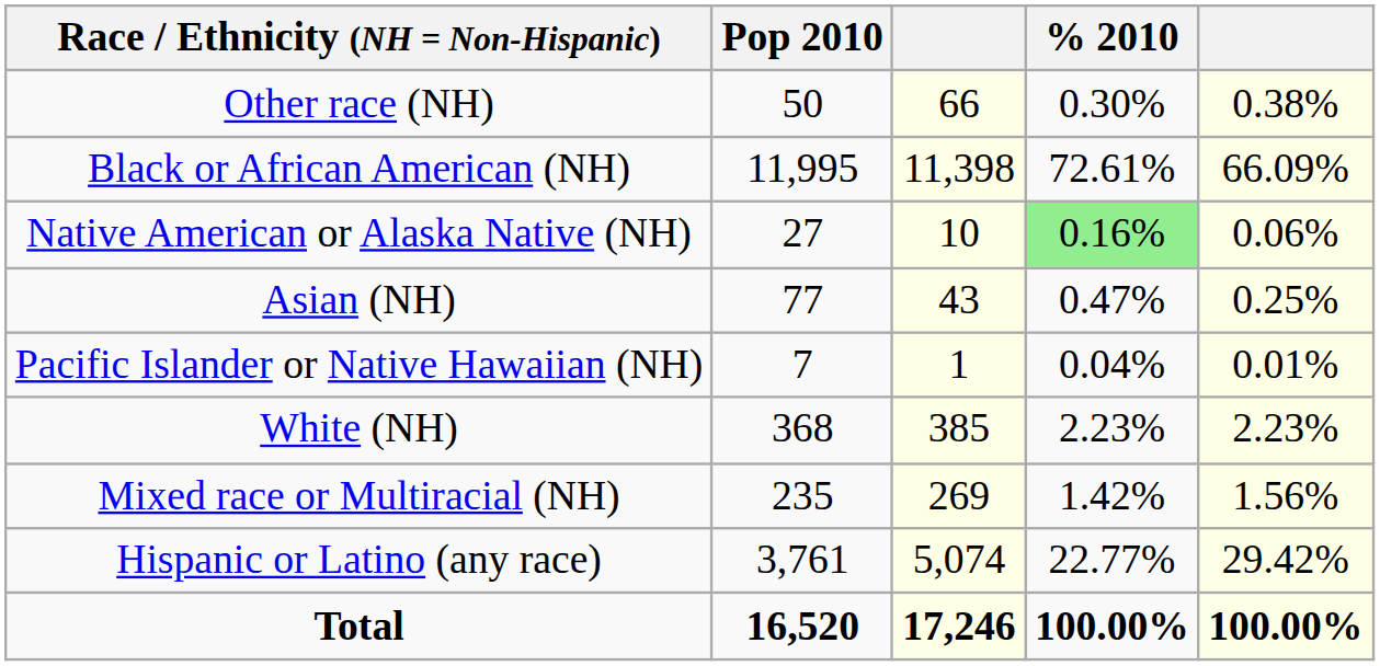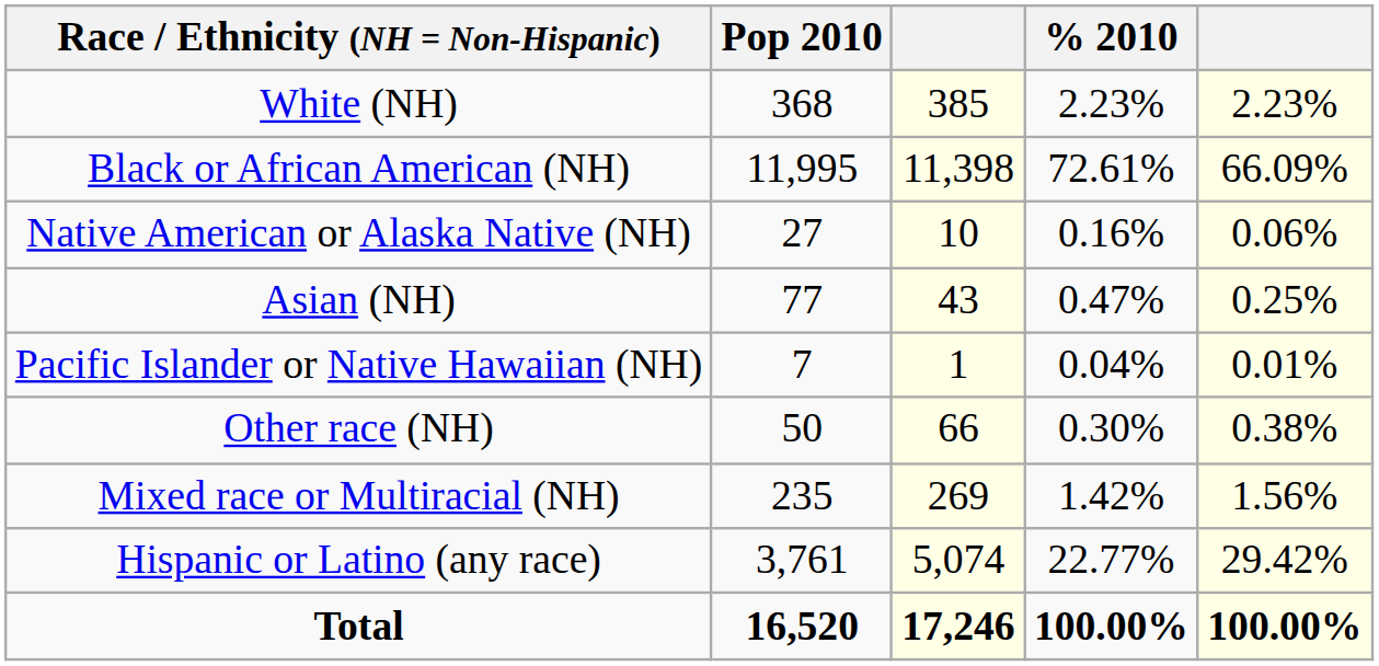 <table class="wikitable" style="text-align:center;">
 <tr>
 <th>Race / Ethnicity <small>(<em>NH = Non-Hispanic</em>)</small></th>
 <th>Pop 2010</th>
 <th></th>
 <th>% 2010</th>
 <th></th>
 </tr>
 <tr>
-<td><a href='#'>Other race</a> (NH)</td>
-<td>50</td>
-<td style='background: #ffffe6;'>66</td>
-<td>0.30%</td>
-<td style='background: #ffffe6;'>0.38%</td>
+<td><a href='#'>White</a> (NH)</td>
+<td>368</td>
+<td style='background: #ffffe6;'>385</td>
+<td>2.23%</td>
+<td style='background: #ffffe6;'>2.23%</td>
 </tr>
 <tr>
 <td><a href='#'>Black or African American</a> (NH)</td>
 <td>11,995</td>
 <td style='background: #ffffe6;'>11,398</td>
 <td>72.61%</td>
 <td style='background: #ffffe6;'>66.09%</td>
 </tr>
 <tr>
 <td><a href='#'>Native American</a> or <a href='#'>Alaska Native</a> (NH)</td>
 <td>27</td>
 <td style='background: #ffffe6;'>10</td>
-<td style="background: lightgreen;">0.16%</td>
+<td>0.16%</td>
 <td style='background: #ffffe6;'>0.06%</td>
 </tr>
 <tr>
 <td><a href='#'>Asian</a> (NH)</td>
 <td>77</td>
 <td style='background: #ffffe6;'>43</td>
 <td>0.47%</td>
 <td style='background: #ffffe6;'>0.25%</td>
 </tr>
 <tr>
 <td><a href='#'>Pacific Islander</a> or <a href='#'>Native Hawaiian</a> (NH)</td>
 <td>7</td>
 <td style='background: #ffffe6;'>1</td>
 <td>0.04%</td>
 <td style='background: #ffffe6;'>0.01%</td>
 </tr>
 <tr>
-<td><a href='#'>White</a> (NH)</td>
-<td>368</td>
-<td style='background: #ffffe6;'>385</td>
-<td>2.23%</td>
-<td style='background: #ffffe6;'>2.23%</td>
+<td><a href='#'>Other race</a> (NH)</td>
+<td>50</td>
+<td style='background: #ffffe6;'>66</td>
+<td>0.30%</td>
+<td style='background: #ffffe6;'>0.38%</td>
 </tr>
 <tr>
 <td><a href='#'>Mixed race or Multiracial</a> (NH)</td>
 <td>235</td>
 <td style='background: #ffffe6;'>269</td>
 <td>1.42%</td>
 <td style='background: #ffffe6;'>1.56%</td>
 </tr>
 <tr>
 <td><a href='#'>Hispanic or Latino</a> (any race)</td>
 <td>3,761</td>
 <td style='background: #ffffe6;'>5,074</td>
 <td>22.77%</td>
 <td style='background: #ffffe6;'>29.42%</td>
 </tr>
 <tr>
 <td><strong>Total</strong></td>
 <td><strong>16,520</strong></td>
 <td style='background: #ffffe6;'><strong>17,246</strong></td>
 <td><strong>100.00%</strong></td>
 <td style='background: #ffffe6;'><strong>100.00%</strong></td>
 </tr>
 </table>
